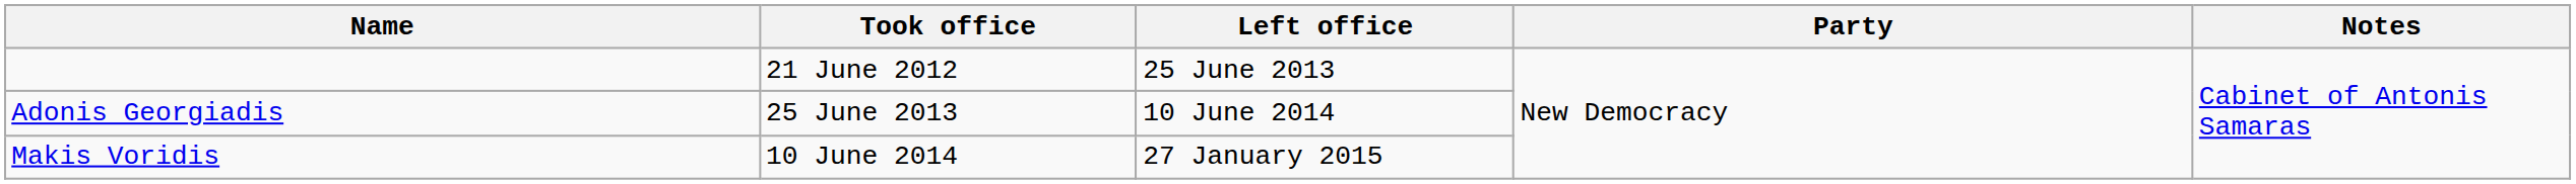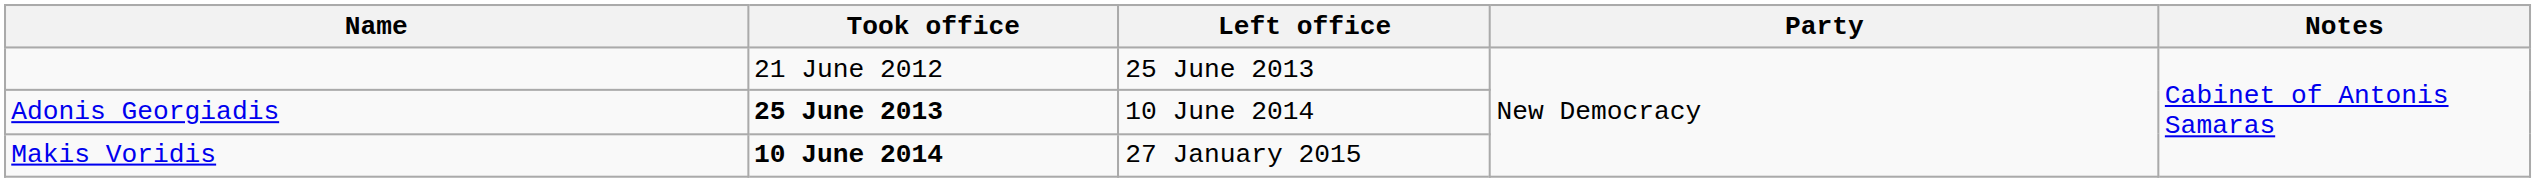 <table class="wikitable">
 <tr>
 <th width="20%">Name</th>
 <th width="10%">Took office</th>
 <th width="10%">Left office</th>
 <th width="18%">Party</th>
 <th width="10%">Notes</th>
 </tr>
 <tr>
 <td></td>
 <td>21 June 2012</td>
 <td>25 June 2013</td>
 <td rowspan=3>New Democracy</td>
 <td rowspan=3><a href='#'>Cabinet of Antonis Samaras</a></td>
 </tr>
 <tr>
 <td><a href='#'>Adonis Georgiadis</a></td>
-<td>25 June 2013</td>
+<td><strong>25 June 2013</strong></td>
 <td>10 June 2014</td>
 </tr>
 <tr>
 <td><a href='#'>Makis Voridis</a></td>
-<td>10 June 2014</td>
+<td><strong>10 June 2014</strong></td>
 <td>27 January 2015</td>
 </tr>
 </table>
